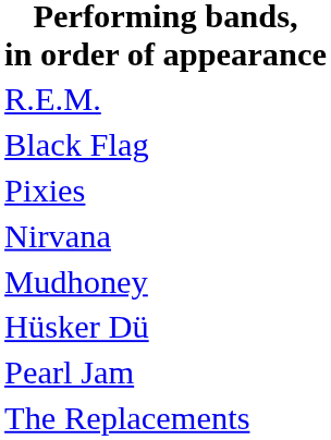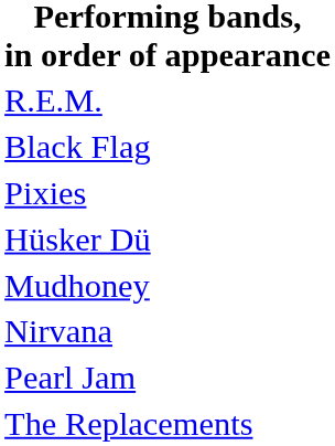 <table align=right>
 <tr>
 <th>Performing bands,<br>in order of appearance</th>
 </tr>
 <tr>
 <td><a href='#'>R.E.M.</a></td>
 </tr>
 <tr>
 <td><a href='#'>Black Flag</a></td>
 </tr>
 <tr>
 <td><a href='#'>Pixies</a></td>
 </tr>
 <tr>
-<td><a href='#'>Nirvana</a></td>
+<td><a href='#'>Hüsker Dü</a></td>
 </tr>
 <tr>
 <td><a href='#'>Mudhoney</a></td>
 </tr>
 <tr>
-<td><a href='#'>Hüsker Dü</a></td>
+<td><a href='#'>Nirvana</a></td>
 </tr>
 <tr>
 <td><a href='#'>Pearl Jam</a></td>
 </tr>
 <tr>
 <td><a href='#'>The Replacements</a></td>
 </tr>
 </table>
